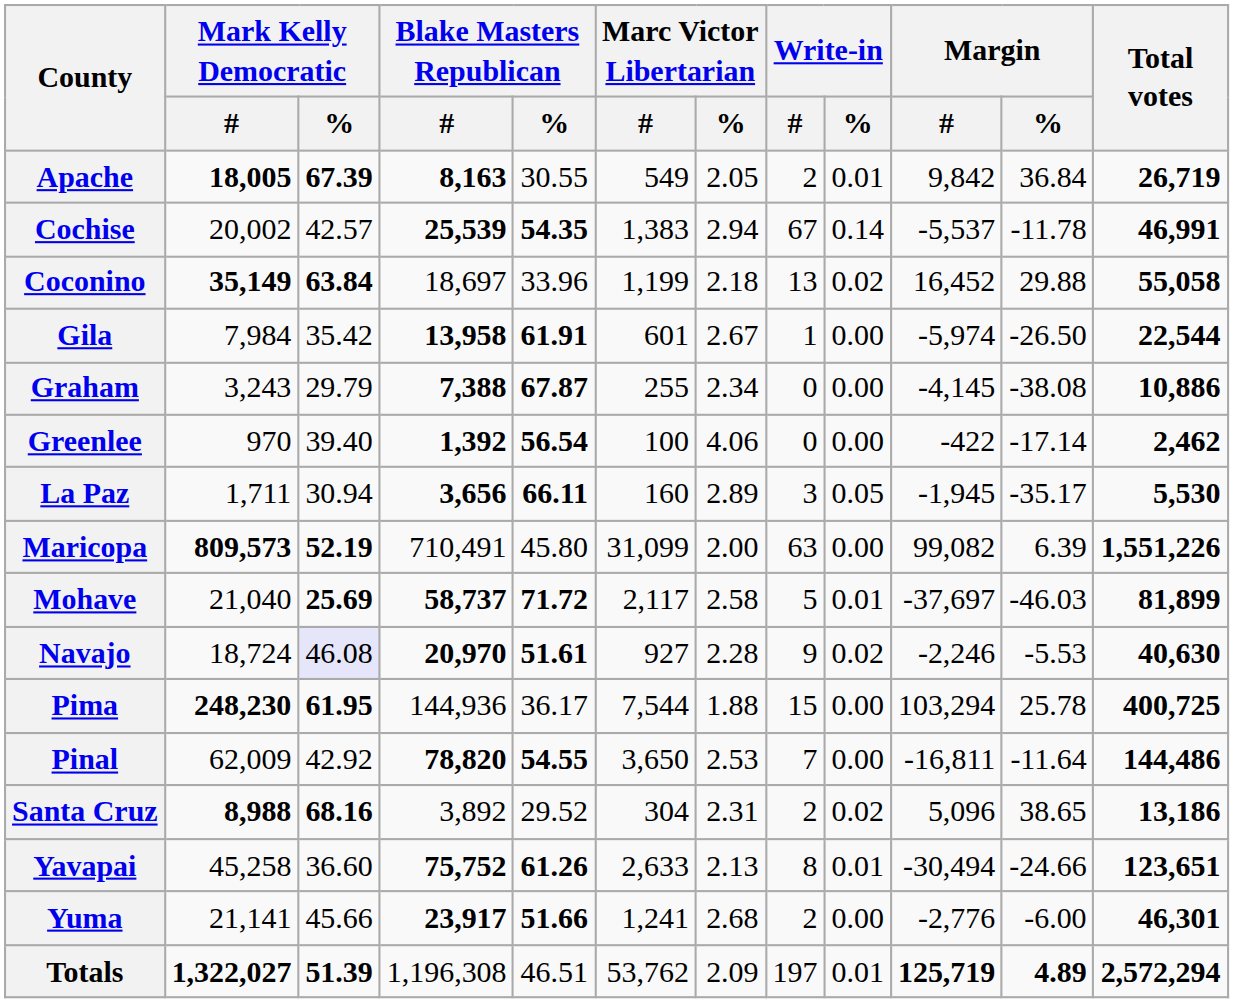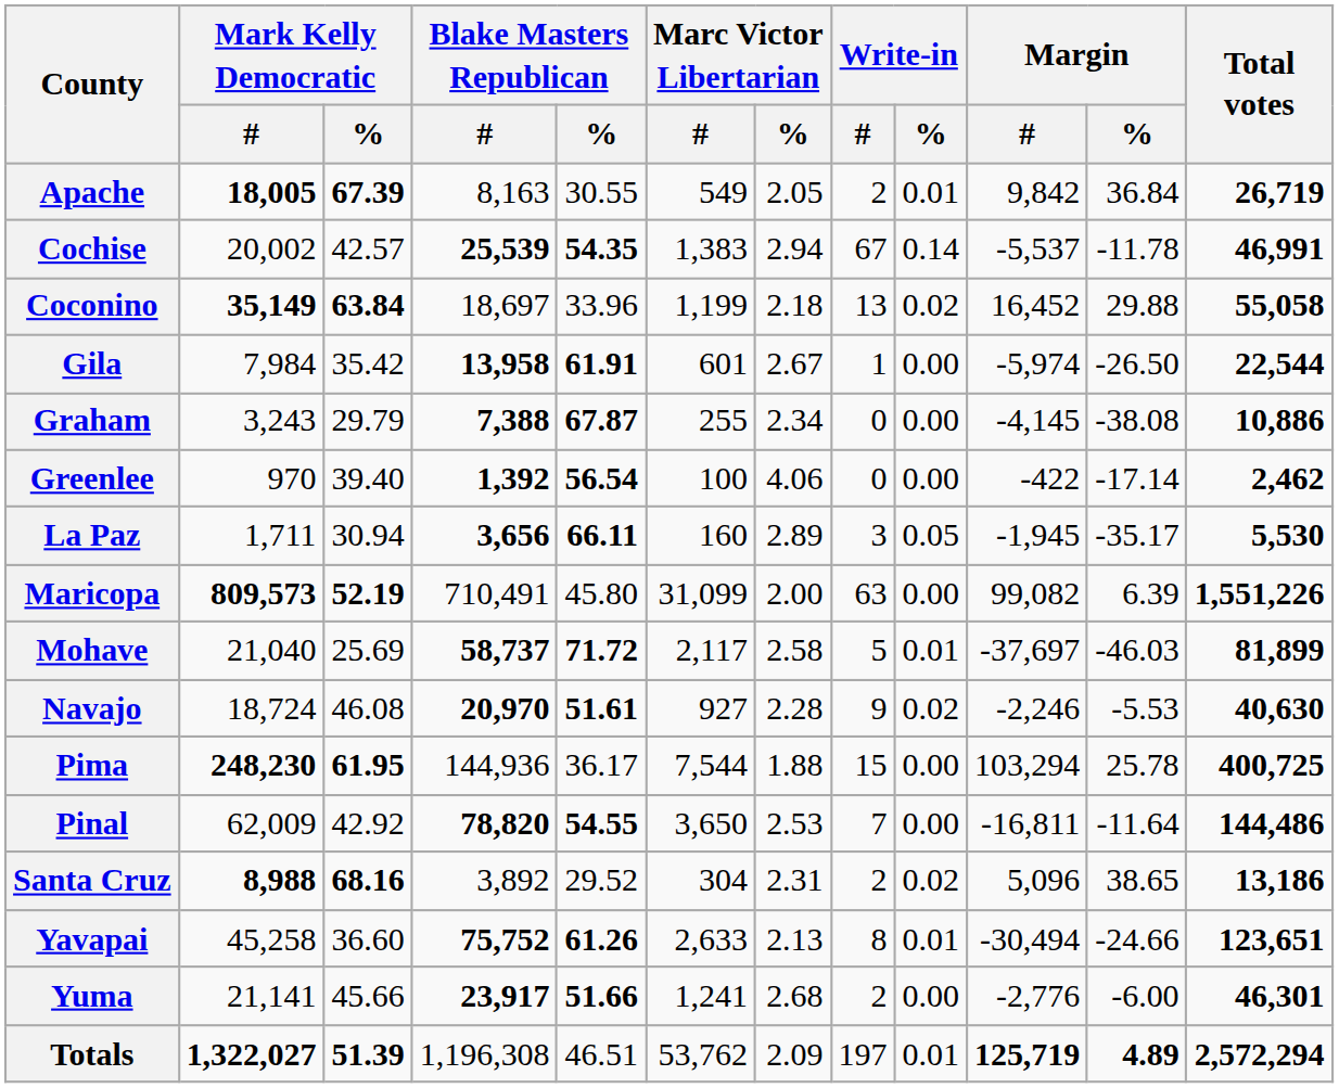 <table class="wikitable sortable" style="text-align:right;font-size:90%;line-height:1.3">
 <tr>
 <th rowspan=2>County</th>
 <th colspan=2><a href='#'>Mark Kelly</a><br><a href='#'>Democratic</a></th>
 <th colspan=2><a href='#'>Blake Masters</a><br><a href='#'>Republican</a></th>
 <th colspan=2>Marc Victor<br><a href='#'>Libertarian</a></th>
 <th colspan=2><a href='#'>Write-in</a></th>
 <th colspan=2>Margin</th>
 <th rowspan=2>Total<br>votes</th>
 </tr>
 <tr>
 <th data-sort-type="number">#</th>
 <th data-sort-type="number">%</th>
 <th data-sort-type="number">#</th>
 <th data-sort-type="number">%</th>
 <th data-sort-type="number">#</th>
 <th data-sort-type="number">%</th>
 <th data-sort-type="number">#</th>
 <th data-sort-type="number">%</th>
 <th data-sort-type="number">#</th>
 <th data-sort-type="number">%</th>
 </tr>
 <tr>
 <th><a href='#'>Apache</a></th>
 <td><strong>18,005</strong></td>
 <td><strong>67.39</strong></td>
-<td><strong>8,163</strong></td>
+<td>8,163</td>
 <td>30.55</td>
 <td>549</td>
 <td>2.05</td>
 <td>2</td>
 <td>0.01</td>
 <td>9,842</td>
 <td>36.84</td>
 <td><strong>26,719</strong></td>
 </tr>
 <tr>
 <th><a href='#'>Cochise</a></th>
 <td>20,002</td>
 <td>42.57</td>
 <td><strong>25,539</strong></td>
 <td><strong>54.35</strong></td>
 <td>1,383</td>
 <td>2.94</td>
 <td>67</td>
 <td>0.14</td>
 <td>-5,537</td>
 <td>-11.78</td>
 <td><strong>46,991</strong></td>
 </tr>
 <tr>
 <th><a href='#'>Coconino</a></th>
 <td><strong>35,149</strong></td>
 <td><strong>63.84</strong></td>
 <td>18,697</td>
 <td>33.96</td>
 <td>1,199</td>
 <td>2.18</td>
 <td>13</td>
 <td>0.02</td>
 <td>16,452</td>
 <td>29.88</td>
 <td><strong>55,058</strong></td>
 </tr>
 <tr>
 <th><a href='#'>Gila</a></th>
 <td>7,984</td>
 <td>35.42</td>
 <td><strong>13,958</strong></td>
 <td><strong>61.91</strong></td>
 <td>601</td>
 <td>2.67</td>
 <td>1</td>
 <td>0.00</td>
 <td>-5,974</td>
 <td>-26.50</td>
 <td><strong>22,544</strong></td>
 </tr>
 <tr>
 <th><a href='#'>Graham</a></th>
 <td>3,243</td>
 <td>29.79</td>
 <td><strong>7,388</strong></td>
 <td><strong>67.87</strong></td>
 <td>255</td>
 <td>2.34</td>
 <td>0</td>
 <td>0.00</td>
 <td>-4,145</td>
 <td>-38.08</td>
 <td><strong>10,886</strong></td>
 </tr>
 <tr>
 <th><a href='#'>Greenlee</a></th>
 <td>970</td>
 <td>39.40</td>
 <td><strong>1,392</strong></td>
 <td><strong>56.54</strong></td>
 <td>100</td>
 <td>4.06</td>
 <td>0</td>
 <td>0.00</td>
 <td>-422</td>
 <td>-17.14</td>
 <td><strong>2,462</strong></td>
 </tr>
 <tr>
 <th><a href='#'>La Paz</a></th>
 <td>1,711</td>
 <td>30.94</td>
 <td><strong>3,656</strong></td>
 <td><strong>66.11</strong></td>
 <td>160</td>
 <td>2.89</td>
 <td>3</td>
 <td>0.05</td>
 <td>-1,945</td>
 <td>-35.17</td>
 <td><strong>5,530</strong></td>
 </tr>
 <tr>
 <th><a href='#'>Maricopa</a></th>
 <td><strong>809,573</strong></td>
 <td><strong>52.19</strong></td>
 <td>710,491</td>
 <td>45.80</td>
 <td>31,099</td>
 <td>2.00</td>
 <td>63</td>
 <td>0.00</td>
 <td>99,082</td>
 <td>6.39</td>
 <td><strong>1,551,226</strong></td>
 </tr>
 <tr>
 <th><a href='#'>Mohave</a></th>
 <td>21,040</td>
-<td><strong>25.69</strong></td>
+<td>25.69</td>
 <td><strong>58,737</strong></td>
 <td><strong>71.72</strong></td>
 <td>2,117</td>
 <td>2.58</td>
 <td>5</td>
 <td>0.01</td>
 <td>-37,697</td>
 <td>-46.03</td>
 <td><strong>81,899</strong></td>
 </tr>
 <tr>
 <th><a href='#'>Navajo</a></th>
 <td>18,724</td>
-<td style="background: lavender;">46.08</td>
+<td>46.08</td>
 <td><strong>20,970</strong></td>
 <td><strong>51.61</strong></td>
 <td>927</td>
 <td>2.28</td>
 <td>9</td>
 <td>0.02</td>
 <td>-2,246</td>
 <td>-5.53</td>
 <td><strong>40,630</strong></td>
 </tr>
 <tr>
 <th><a href='#'>Pima</a></th>
 <td><strong>248,230</strong></td>
 <td><strong>61.95</strong></td>
 <td>144,936</td>
 <td>36.17</td>
 <td>7,544</td>
 <td>1.88</td>
 <td>15</td>
 <td>0.00</td>
 <td>103,294</td>
 <td>25.78</td>
 <td><strong>400,725</strong></td>
 </tr>
 <tr>
 <th><a href='#'>Pinal</a></th>
 <td>62,009</td>
 <td>42.92</td>
 <td><strong>78,820</strong></td>
 <td><strong>54.55</strong></td>
 <td>3,650</td>
 <td>2.53</td>
 <td>7</td>
 <td>0.00</td>
 <td>-16,811</td>
 <td>-11.64</td>
 <td><strong>144,486</strong></td>
 </tr>
 <tr>
 <th><a href='#'>Santa Cruz</a></th>
 <td><strong>8,988</strong></td>
 <td><strong>68.16</strong></td>
 <td>3,892</td>
 <td>29.52</td>
 <td>304</td>
 <td>2.31</td>
 <td>2</td>
 <td>0.02</td>
 <td>5,096</td>
 <td>38.65</td>
 <td><strong>13,186</strong></td>
 </tr>
 <tr>
 <th><a href='#'>Yavapai</a></th>
 <td>45,258</td>
 <td>36.60</td>
 <td><strong>75,752</strong></td>
 <td><strong>61.26</strong></td>
 <td>2,633</td>
 <td>2.13</td>
 <td>8</td>
 <td>0.01</td>
 <td>-30,494</td>
 <td>-24.66</td>
 <td><strong>123,651</strong></td>
 </tr>
 <tr>
 <th><a href='#'>Yuma</a></th>
 <td>21,141</td>
 <td>45.66</td>
 <td><strong>23,917</strong></td>
 <td><strong>51.66</strong></td>
 <td>1,241</td>
 <td>2.68</td>
 <td>2</td>
 <td>0.00</td>
 <td>-2,776</td>
 <td>-6.00</td>
 <td><strong>46,301</strong></td>
 </tr>
 <tr class="sortbottom">
 <th>Totals</th>
 <td><strong>1,322,027</strong></td>
 <td><strong>51.39</strong></td>
 <td>1,196,308</td>
 <td>46.51</td>
 <td>53,762</td>
 <td>2.09</td>
 <td>197</td>
 <td>0.01</td>
 <td><strong>125,719</strong></td>
 <td><strong>4.89</strong></td>
 <td><strong>2,572,294</strong></td>
 </tr>
 </table>
